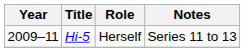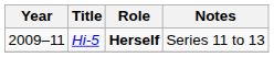 <table class="wikitable sortable">
 <tr>
 <th scope="col">Year</th>
 <th scope="col">Title</th>
 <th scope="col">Role</th>
 <th scope="col" class="unsortable">Notes</th>
 </tr>
 <tr>
 <td>2009–11</td>
 <td><em><a href='#'>Hi-5</a></em></td>
-<td>Herself</td>
+<td><strong>Herself</strong></td>
 <td>Series 11 to 13</td>
 </tr>
 <tr>
 </tr>
 </table>
